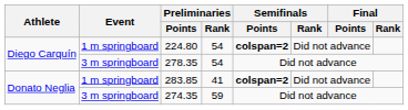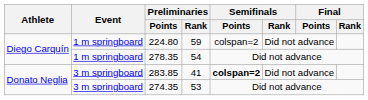 <table class="wikitable" style="text-align:center; font-size:90%; ">
 <tr>
 <th rowspan=2>Athlete</th>
 <th rowspan=2>Event</th>
 <th colspan=2>Preliminaries</th>
 <th colspan=2>Semifinals</th>
 <th colspan=2>Final</th>
 </tr>
 <tr style="font-size:95%">
 <th>Points</th>
 <th>Rank</th>
 <th>Points</th>
 <th>Rank</th>
 <th>Points</th>
 <th>Rank</th>
 </tr>
 <tr>
 <td align=left rowspan=2><a href='#'>Diego Carquín</a></td>
 <td align=left><a href='#'>1 m springboard</a></td>
 <td>224.80</td>
-<td>54</td>
-<td><strong>colspan=2 </strong></td>
+<td>59</td>
+<td>colspan=2 </td>
 <td colspan=2>Did not advance</td>
 </tr>
 <tr>
-<td align=left><a href='#'>3 m springboard</a></td>
+<td align=left><a href='#'>1 m springboard</a></td>
 <td>278.35</td>
 <td>54</td>
 <td colspan=4>Did not advance</td>
 </tr>
 <tr>
 <td align=left rowspan=2><a href='#'>Donato Neglia</a></td>
-<td align=left><a href='#'>1 m springboard</a></td>
+<td align=left><a href='#'>3 m springboard</a></td>
 <td>283.85</td>
 <td>41</td>
 <td><strong>colspan=2 </strong></td>
 <td colspan=2>Did not advance</td>
 </tr>
 <tr>
 <td align=left><a href='#'>3 m springboard</a></td>
 <td>274.35</td>
-<td>59</td>
+<td>53</td>
 <td colspan=4>Did not advance</td>
 </tr>
 </table>
